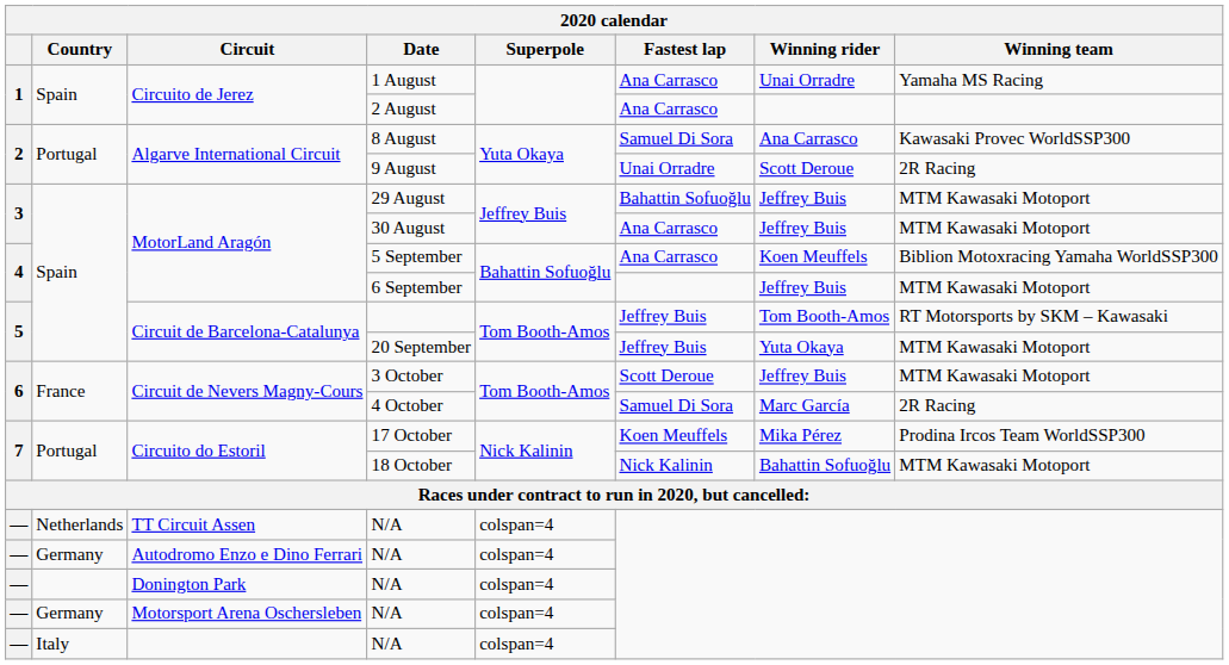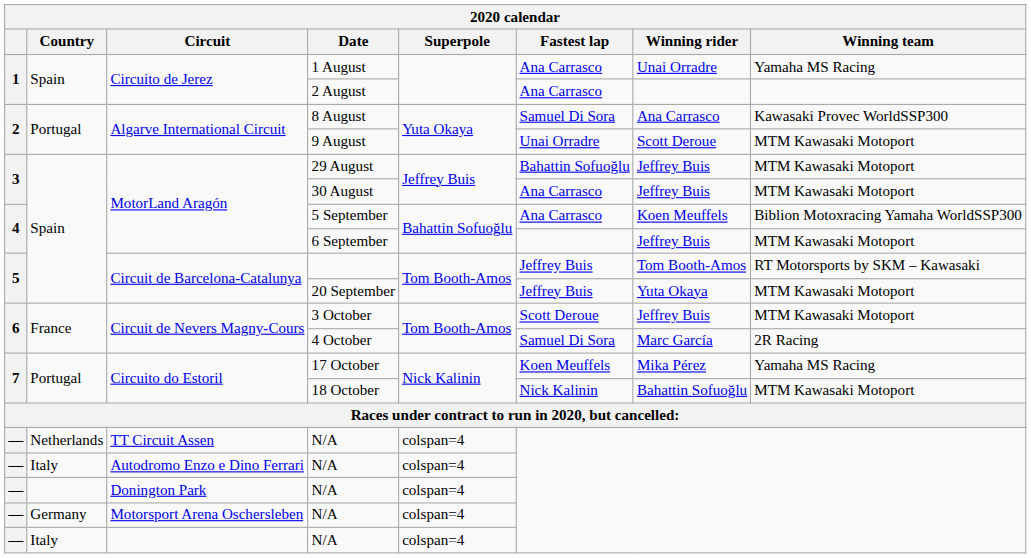 <table class="wikitable" style="font-size: 85%">
 <tr>
 <th colspan=8>2020 calendar</th>
 </tr>
 <tr>
 <th></th>
 <th>Country</th>
 <th>Circuit</th>
 <th>Date</th>
 <th>Superpole</th>
 <th>Fastest lap</th>
 <th>Winning rider</th>
 <th>Winning team</th>
 </tr>
 <tr>
 <th rowspan=2>1</th>
 <td rowspan=2> Spain</td>
 <td rowspan=2><a href='#'>Circuito de Jerez</a></td>
 <td>1 August</td>
 <td rowspan=2></td>
 <td> <a href='#'>Ana Carrasco</a></td>
 <td> <a href='#'>Unai Orradre</a></td>
 <td>Yamaha MS Racing</td>
 </tr>
 <tr>
 <td>2 August</td>
 <td> <a href='#'>Ana Carrasco</a></td>
 <td></td>
 <td></td>
 </tr>
 <tr>
 <th rowspan=2>2</th>
 <td rowspan=2> Portugal</td>
 <td rowspan=2><a href='#'>Algarve International Circuit</a></td>
 <td>8 August</td>
 <td rowspan=2> <a href='#'>Yuta Okaya</a></td>
 <td> <a href='#'>Samuel Di Sora</a></td>
 <td> <a href='#'>Ana Carrasco</a></td>
 <td>Kawasaki Provec WorldSSP300</td>
 </tr>
 <tr>
 <td>9 August</td>
 <td> <a href='#'>Unai Orradre</a></td>
 <td> <a href='#'>Scott Deroue</a></td>
-<td>2R Racing</td>
+<td>MTM Kawasaki Motoport</td>
 </tr>
 <tr>
 <th rowspan=2>3</th>
 <td rowspan=6> Spain</td>
 <td rowspan=4><a href='#'>MotorLand Aragón</a></td>
 <td>29 August</td>
 <td rowspan=2> <a href='#'>Jeffrey Buis</a></td>
 <td> <a href='#'>Bahattin Sofuoğlu</a></td>
 <td> <a href='#'>Jeffrey Buis</a></td>
 <td>MTM Kawasaki Motoport</td>
 </tr>
 <tr>
 <td>30 August</td>
 <td> <a href='#'>Ana Carrasco</a></td>
 <td> <a href='#'>Jeffrey Buis</a></td>
 <td>MTM Kawasaki Motoport</td>
 </tr>
 <tr>
 <th rowspan=2>4</th>
 <td>5 September</td>
 <td rowspan=2> <a href='#'>Bahattin Sofuoğlu</a></td>
 <td> <a href='#'>Ana Carrasco</a></td>
 <td> <a href='#'>Koen Meuffels</a></td>
 <td>Biblion Motoxracing Yamaha WorldSSP300</td>
 </tr>
 <tr>
 <td>6 September</td>
 <td></td>
 <td> <a href='#'>Jeffrey Buis</a></td>
 <td>MTM Kawasaki Motoport</td>
 </tr>
 <tr>
 <th rowspan=2>5</th>
 <td rowspan=2><a href='#'>Circuit de Barcelona-Catalunya</a></td>
 <td></td>
 <td rowspan=2> <a href='#'>Tom Booth-Amos</a></td>
 <td> <a href='#'>Jeffrey Buis</a></td>
 <td> <a href='#'>Tom Booth-Amos</a></td>
 <td>RT Motorsports by SKM – Kawasaki</td>
 </tr>
 <tr>
 <td>20 September</td>
 <td> <a href='#'>Jeffrey Buis</a></td>
 <td> <a href='#'>Yuta Okaya</a></td>
 <td>MTM Kawasaki Motoport</td>
 </tr>
 <tr>
 <th rowspan=2>6</th>
 <td rowspan=2> France</td>
 <td rowspan=2><a href='#'>Circuit de Nevers Magny-Cours</a></td>
 <td>3 October</td>
 <td rowspan=2> <a href='#'>Tom Booth-Amos</a></td>
 <td> <a href='#'>Scott Deroue</a></td>
 <td> <a href='#'>Jeffrey Buis</a></td>
 <td>MTM Kawasaki Motoport</td>
 </tr>
 <tr>
 <td>4 October</td>
 <td> <a href='#'>Samuel Di Sora</a></td>
 <td> <a href='#'>Marc García</a></td>
 <td>2R Racing</td>
 </tr>
 <tr>
 <th rowspan=2>7</th>
 <td rowspan=2> Portugal</td>
 <td rowspan=2><a href='#'>Circuito do Estoril</a></td>
 <td>17 October</td>
 <td rowspan=2> <a href='#'>Nick Kalinin</a></td>
 <td> <a href='#'>Koen Meuffels</a></td>
 <td> <a href='#'>Mika Pérez</a></td>
-<td>Prodina Ircos Team WorldSSP300</td>
+<td>Yamaha MS Racing</td>
 </tr>
 <tr>
 <td>18 October</td>
 <td> <a href='#'>Nick Kalinin</a></td>
 <td> <a href='#'>Bahattin Sofuoğlu</a></td>
 <td>MTM Kawasaki Motoport</td>
 </tr>
 <tr>
 <th colspan=9>Races under contract to run in 2020, but cancelled:</th>
 </tr>
 <tr>
 <th>—</th>
 <td> Netherlands</td>
 <td><a href='#'>TT Circuit Assen</a></td>
 <td>N/A</td>
 <td>colspan=4 </td>
 </tr>
 <tr>
 <th>—</th>
-<td> Germany</td>
+<td> Italy</td>
 <td><a href='#'>Autodromo Enzo e Dino Ferrari</a></td>
 <td>N/A</td>
 <td>colspan=4 </td>
 </tr>
 <tr>
 <th>—</th>
 <td></td>
 <td><a href='#'>Donington Park</a></td>
 <td>N/A</td>
 <td>colspan=4 </td>
 </tr>
 <tr>
 <th>—</th>
 <td> Germany</td>
 <td><a href='#'>Motorsport Arena Oschersleben</a></td>
 <td>N/A</td>
 <td>colspan=4 </td>
 </tr>
 <tr>
 <th>—</th>
 <td> Italy</td>
 <td></td>
 <td>N/A</td>
 <td>colspan=4 </td>
 </tr>
 </table>
